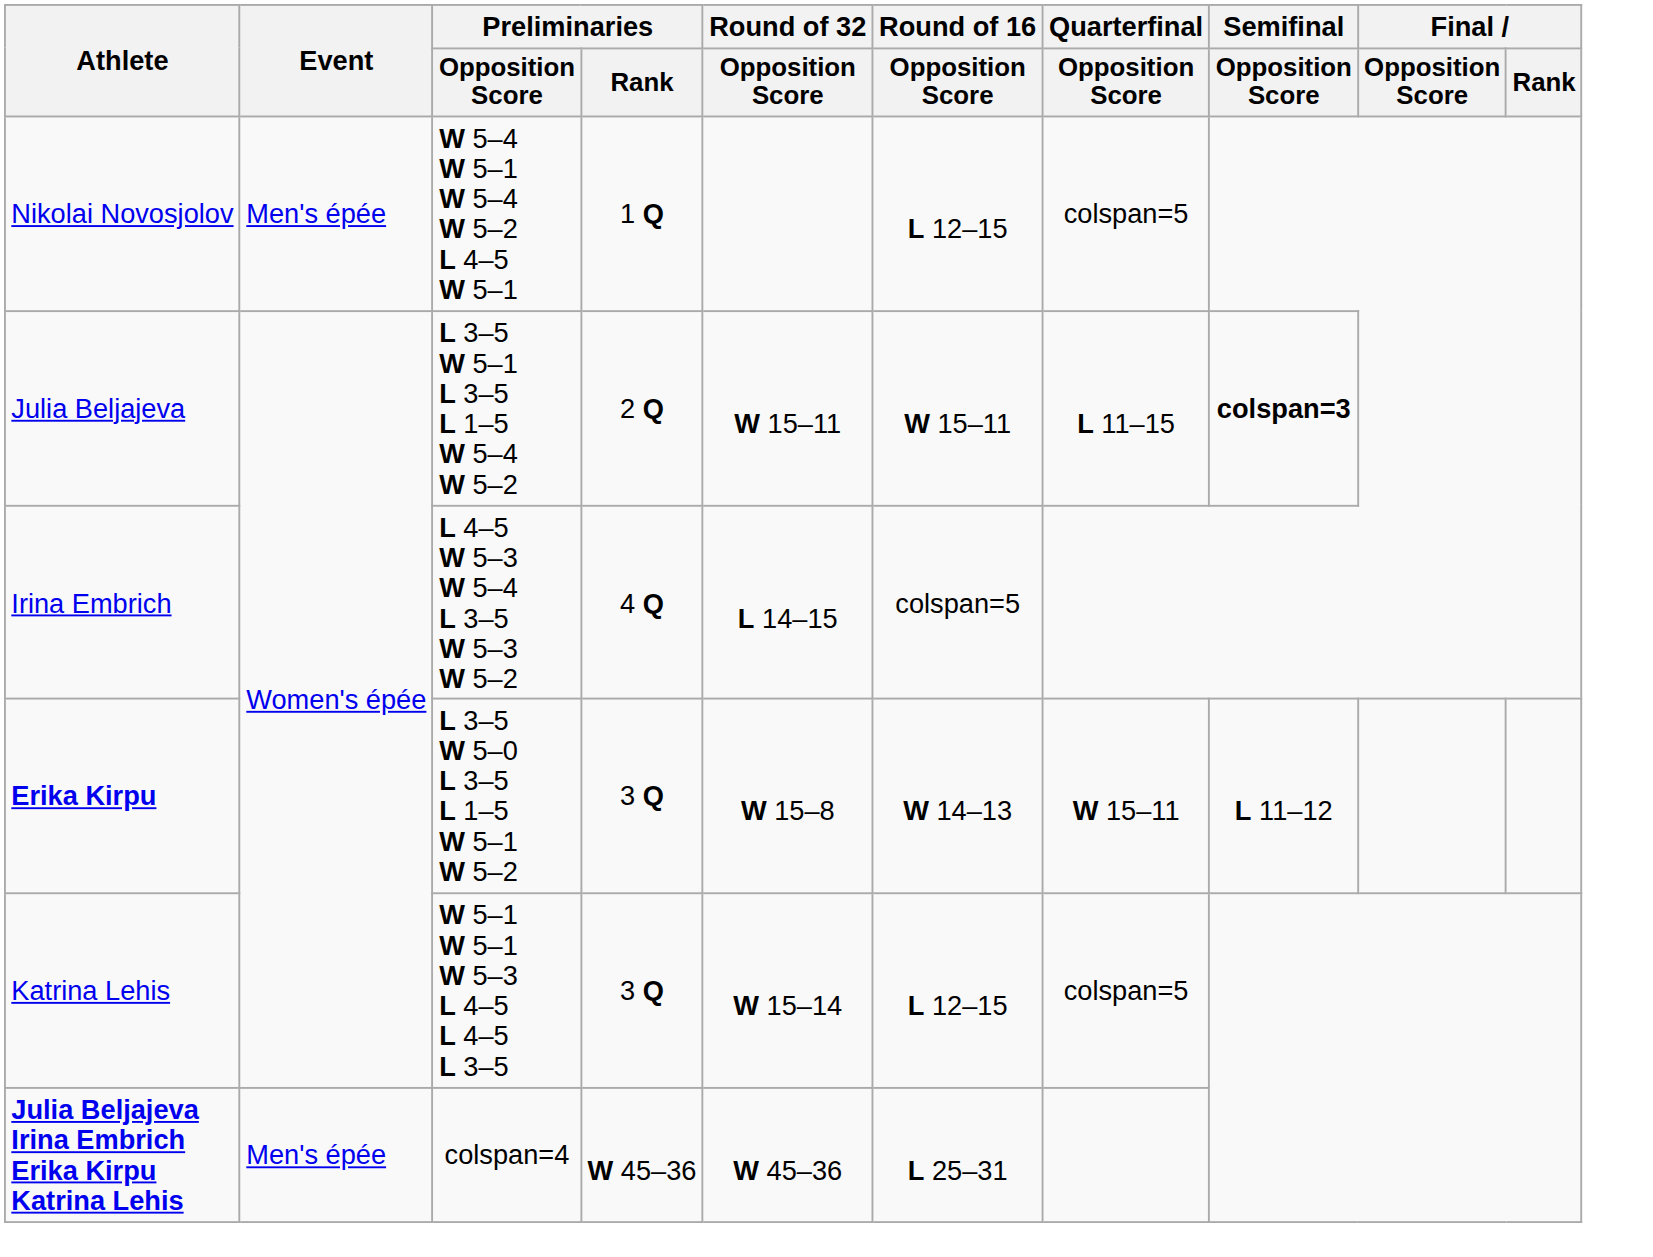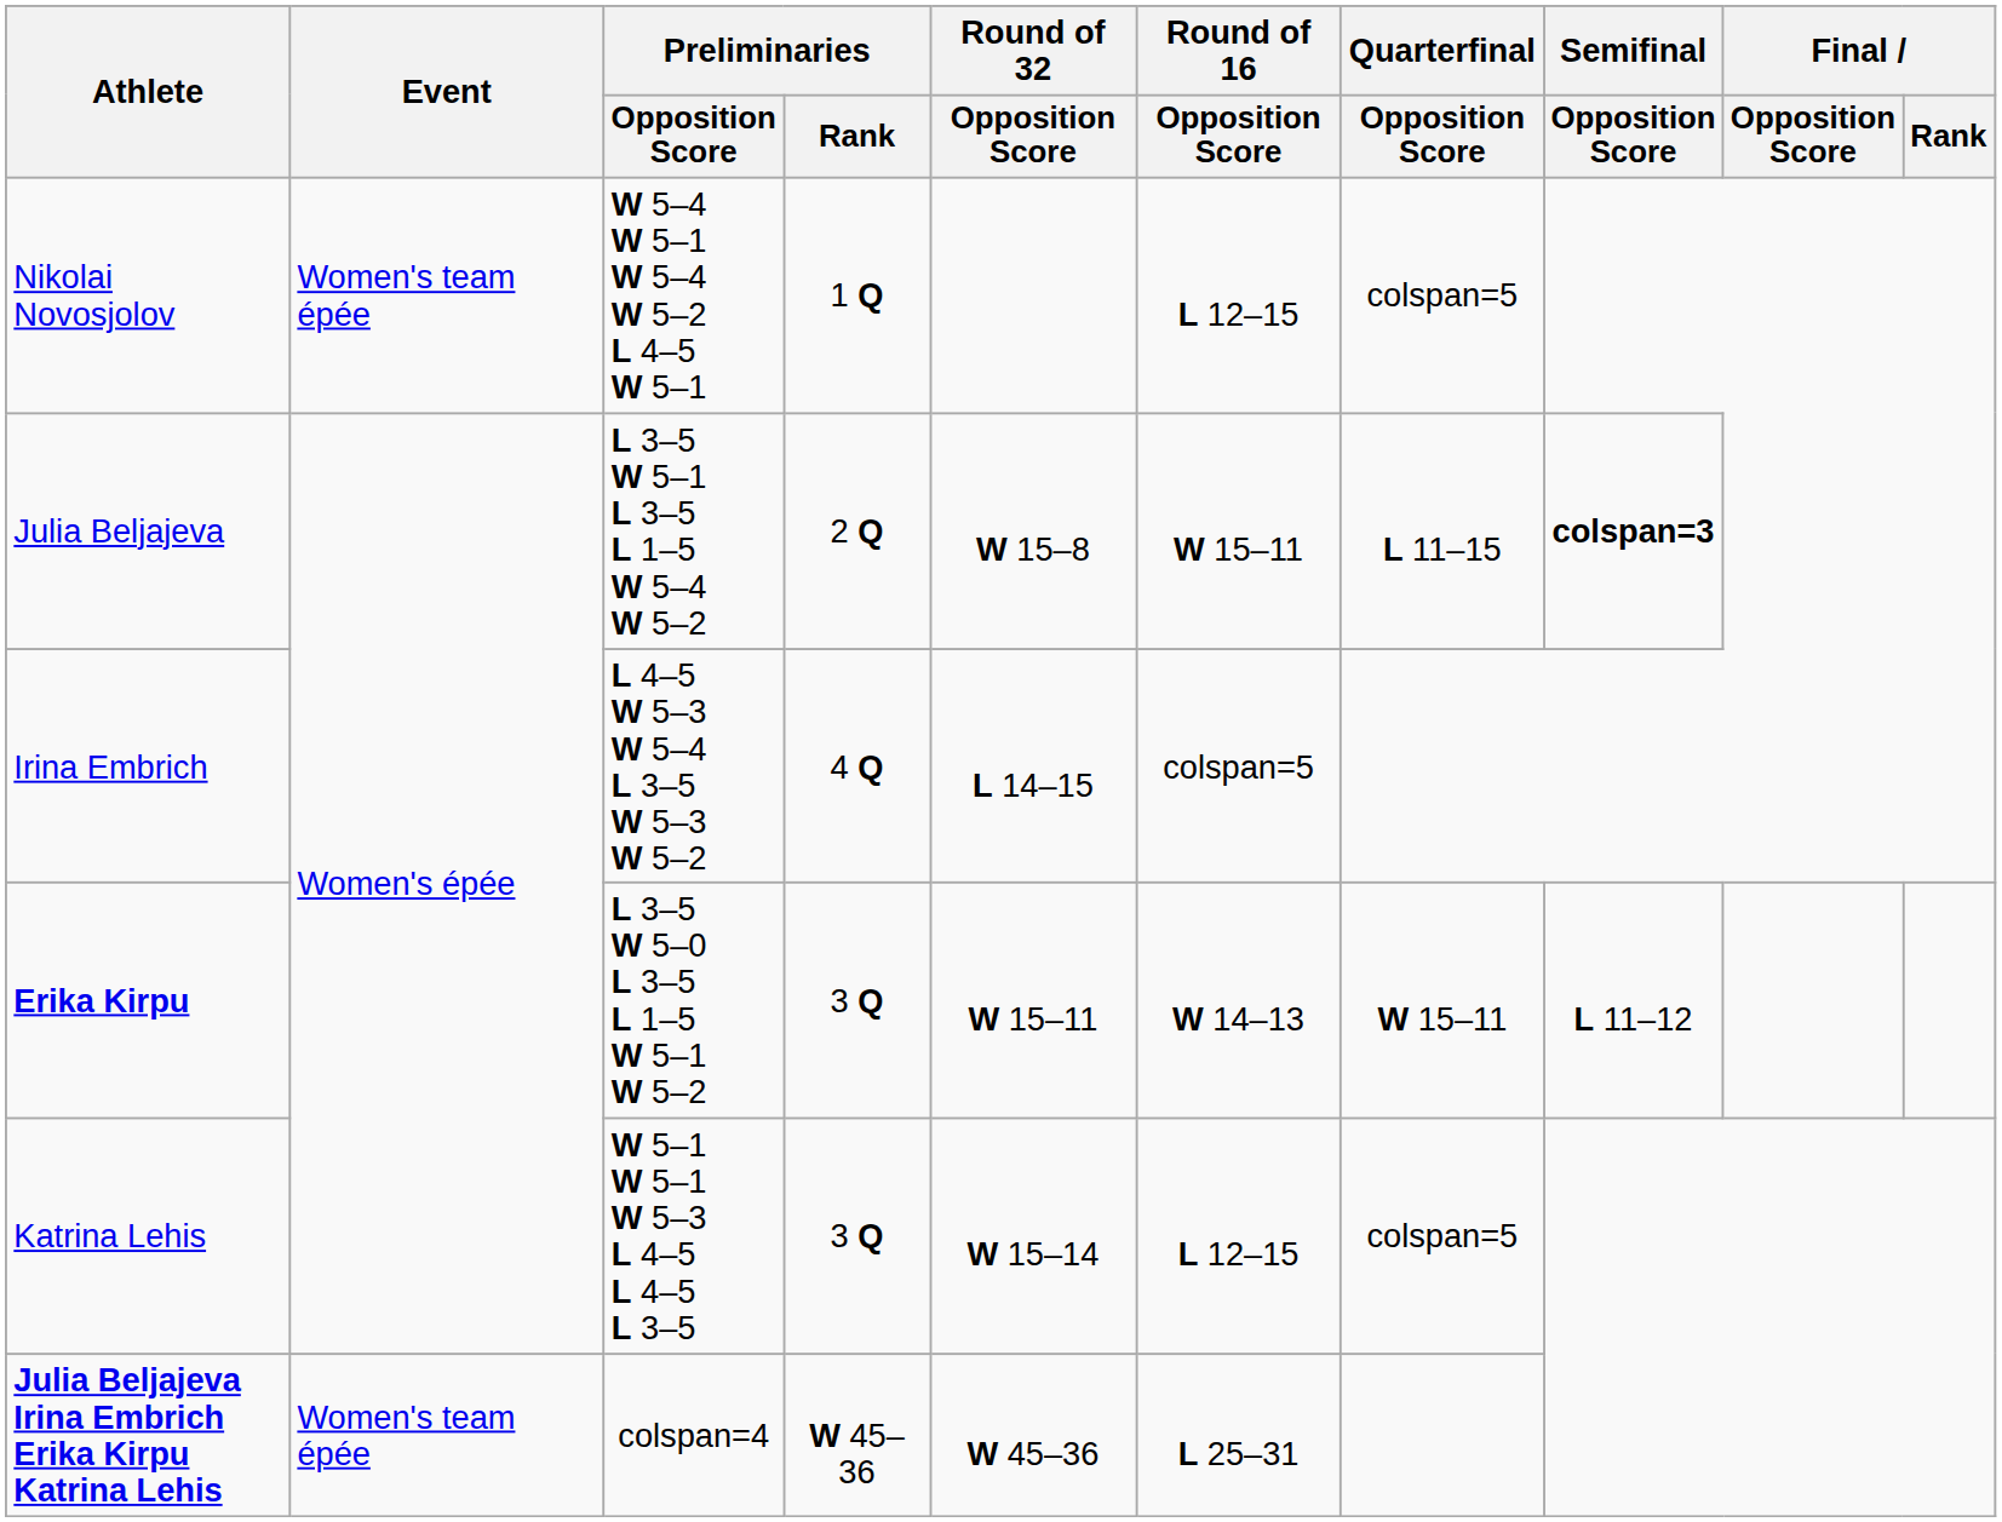 <table class="wikitable" style="font-size:90%">
 <tr>
 <th rowspan="2">Athlete</th>
 <th rowspan="2">Event</th>
 <th colspan="2">Preliminaries</th>
 <th>Round of 32</th>
 <th>Round of 16</th>
 <th>Quarterfinal</th>
 <th>Semifinal</th>
 <th colspan=2>Final / </th>
 </tr>
 <tr style="font-size:95%">
 <th>Opposition <br> Score</th>
 <th>Rank</th>
 <th>Opposition <br> Score</th>
 <th>Opposition <br> Score</th>
 <th>Opposition <br> Score</th>
 <th>Opposition <br> Score</th>
 <th>Opposition <br> Score</th>
 <th>Rank</th>
 </tr>
 <tr align=center>
 <td align=left><a href='#'>Nikolai Novosjolov</a></td>
-<td align=left><a href='#'>Men's épée</a></td>
+<td align=left><a href='#'>Women's team épée</a></td>
 <td align=left> <strong>W</strong> 5–4<br> <strong>W</strong> 5–1<br> <strong>W</strong> 5–4<br> <strong>W</strong> 5–2<br> <strong>L</strong> 4–5<br> <strong>W</strong> 5–1</td>
 <td>1 <strong>Q</strong></td>
 <td></td>
 <td><br><strong>L</strong> 12–15</td>
 <td>colspan=5 </td>
 </tr>
 <tr align=center>
 <td align=left><a href='#'>Julia Beljajeva</a></td>
 <td align=left rowspan=4><a href='#'>Women's épée</a></td>
 <td align=left> <strong>L</strong> 3–5<br> <strong>W</strong> 5–1<br> <strong>L</strong> 3–5<br> <strong>L</strong> 1–5<br> <strong>W</strong> 5–4<br> <strong>W</strong> 5–2</td>
 <td>2 <strong>Q</strong></td>
-<td><br><strong>W</strong> 15–11</td>
+<td><br><strong>W</strong> 15–8</td>
 <td><br><strong>W</strong> 15–11</td>
 <td><br><strong>L</strong> 11–15</td>
 <td><strong>colspan=3 </strong></td>
 </tr>
 <tr align=center>
 <td align=left><a href='#'>Irina Embrich</a></td>
 <td align=left> <strong>L</strong> 4–5<br> <strong>W</strong> 5–3<br> <strong>W</strong> 5–4<br> <strong>L</strong> 3–5<br> <strong>W</strong> 5–3<br> <strong>W</strong> 5–2</td>
 <td>4 <strong>Q</strong></td>
 <td><br><strong>L</strong> 14–15</td>
 <td>colspan=5 </td>
 </tr>
 <tr align=center>
 <td align=left><strong><a href='#'>Erika Kirpu</a></strong></td>
 <td align=left> <strong>L</strong> 3–5<br> <strong>W</strong> 5–0<br> <strong>L</strong> 3–5<br> <strong>L</strong> 1–5<br> <strong>W</strong> 5–1<br> <strong>W</strong> 5–2</td>
 <td>3 <strong>Q</strong></td>
-<td><br><strong>W</strong> 15–8</td>
+<td><br><strong>W</strong> 15–11</td>
 <td><br><strong>W</strong> 14–13</td>
 <td><br><strong>W</strong> 15–11</td>
 <td><br><strong>L</strong> 11–12</td>
 <td></td>
 <td></td>
 </tr>
 <tr align=center>
 <td align=left><a href='#'>Katrina Lehis</a></td>
 <td align=left> <strong>W</strong> 5–1<br> <strong>W</strong> 5–1<br> <strong>W</strong> 5–3<br> <strong>L</strong> 4–5<br> <strong>L</strong> 4–5<br> <strong>L</strong> 3–5</td>
 <td>3 <strong>Q</strong></td>
 <td><br><strong>W</strong> 15–14</td>
 <td><br><strong>L</strong> 12–15</td>
 <td>colspan=5 </td>
 </tr>
 <tr align=center>
 <td align=left><strong><a href='#'>Julia Beljajeva</a><br><a href='#'>Irina Embrich</a><br><a href='#'>Erika Kirpu</a><br><a href='#'>Katrina Lehis</a></strong></td>
-<td align=left><a href='#'>Men's épée</a></td>
+<td align=left><a href='#'>Women's team épée</a></td>
 <td>colspan=4 </td>
 <td><br><strong>W</strong> 45–36</td>
 <td><br><strong>W</strong> 45–36</td>
 <td><br><strong>L</strong> 25–31</td>
 <td></td>
 </tr>
 </table>
